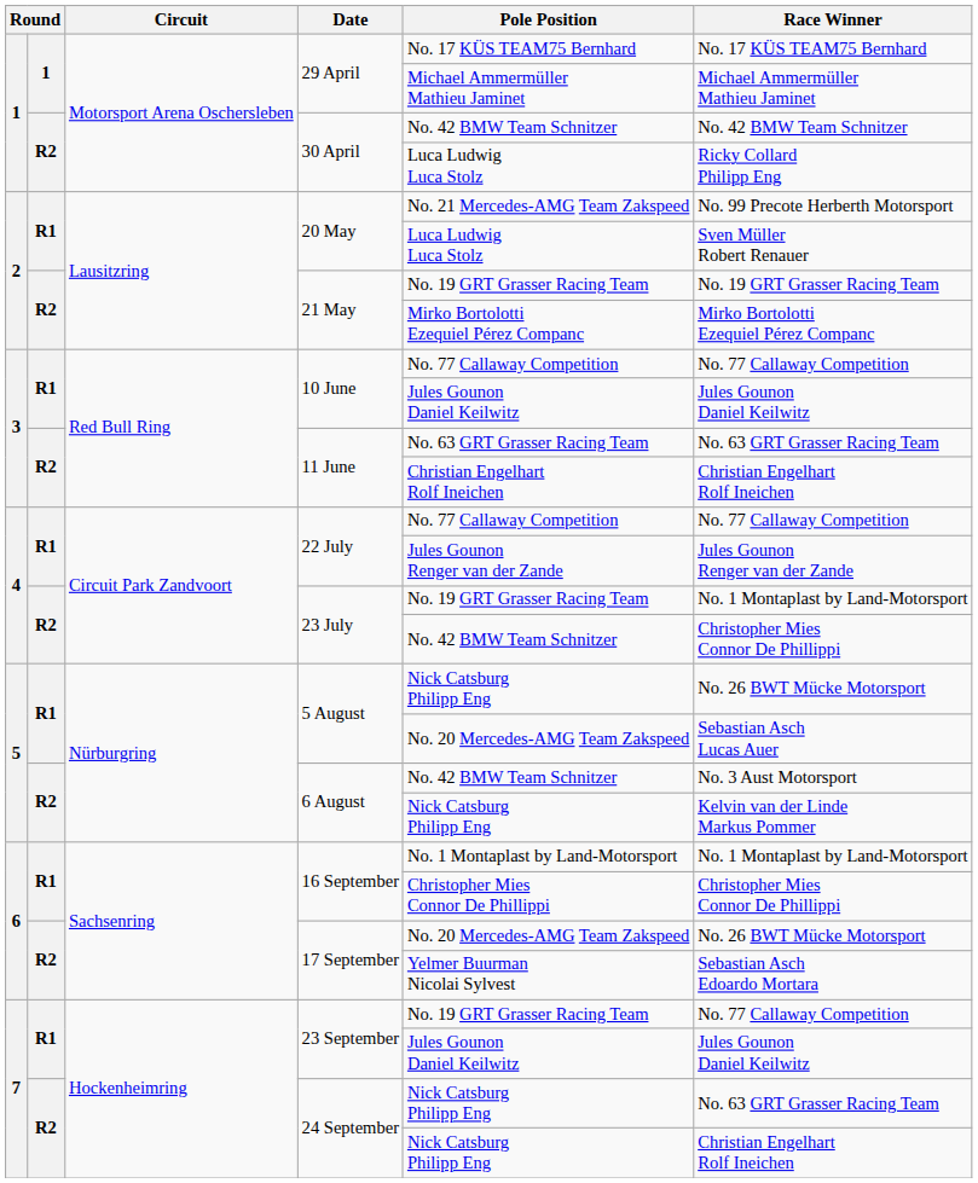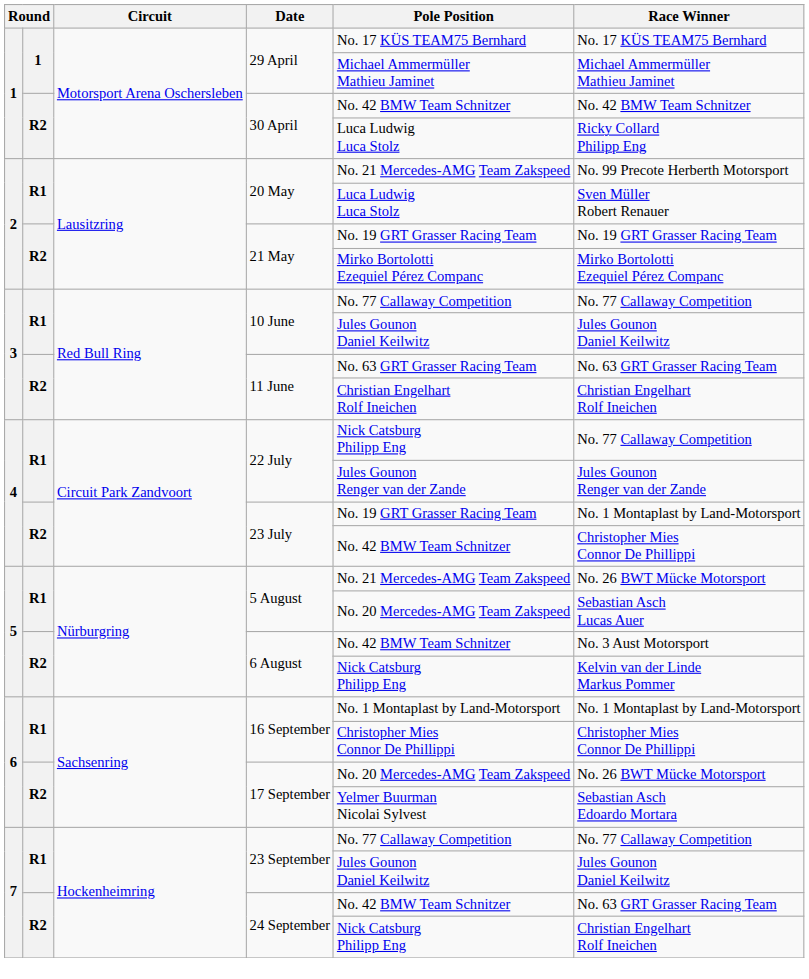 <table class="wikitable" style="font-size: 85%;">
 <tr>
 <th colspan=2>Round</th>
 <th>Circuit</th>
 <th>Date</th>
 <th>Pole Position</th>
 <th>Race Winner</th>
 </tr>
 <tr>
 <th rowspan=4>1</th>
 <th rowspan=2>1</th>
 <td rowspan=4> <a href='#'>Motorsport Arena Oschersleben</a></td>
 <td rowspan=2>29 April</td>
 <td> No. 17 <a href='#'>KÜS TEAM75 Bernhard</a></td>
 <td> No. 17 <a href='#'>KÜS TEAM75 Bernhard</a></td>
 </tr>
 <tr>
 <td> <a href='#'>Michael Ammermüller</a><br> <a href='#'>Mathieu Jaminet</a></td>
 <td> <a href='#'>Michael Ammermüller</a><br> <a href='#'>Mathieu Jaminet</a></td>
 </tr>
 <tr>
 <th rowspan=2>R2</th>
 <td rowspan=2>30 April</td>
 <td> No. 42 <a href='#'>BMW Team Schnitzer</a></td>
 <td> No. 42 <a href='#'>BMW Team Schnitzer</a></td>
 </tr>
 <tr>
 <td> Luca Ludwig<br> <a href='#'>Luca Stolz</a></td>
 <td> <a href='#'>Ricky Collard</a><br> <a href='#'>Philipp Eng</a></td>
 </tr>
 <tr>
 <th rowspan=4>2</th>
 <th rowspan=2>R1</th>
 <td rowspan=4> <a href='#'>Lausitzring</a></td>
 <td rowspan=2>20 May</td>
 <td> No. 21 <a href='#'>Mercedes-AMG</a> <a href='#'>Team Zakspeed</a></td>
 <td> No. 99 Precote Herberth Motorsport</td>
 </tr>
 <tr>
 <td> <a href='#'>Luca Ludwig</a><br> <a href='#'>Luca Stolz</a></td>
 <td> <a href='#'>Sven Müller</a><br> Robert Renauer</td>
 </tr>
 <tr>
 <th rowspan=2>R2</th>
 <td rowspan=2>21 May</td>
 <td> No. 19 <a href='#'>GRT Grasser Racing Team</a></td>
 <td> No. 19 <a href='#'>GRT Grasser Racing Team</a></td>
 </tr>
 <tr>
 <td> <a href='#'>Mirko Bortolotti</a><br> <a href='#'>Ezequiel Pérez Companc</a></td>
 <td> <a href='#'>Mirko Bortolotti</a><br> <a href='#'>Ezequiel Pérez Companc</a></td>
 </tr>
 <tr>
 <th rowspan=4>3</th>
 <th rowspan=2>R1</th>
 <td rowspan=4> <a href='#'>Red Bull Ring</a></td>
 <td rowspan=2>10 June</td>
 <td> No. 77 <a href='#'>Callaway Competition</a></td>
 <td> No. 77 <a href='#'>Callaway Competition</a></td>
 </tr>
 <tr>
 <td> <a href='#'>Jules Gounon</a><br> <a href='#'>Daniel Keilwitz</a></td>
 <td> <a href='#'>Jules Gounon</a><br> <a href='#'>Daniel Keilwitz</a></td>
 </tr>
 <tr>
 <th rowspan=2>R2</th>
 <td rowspan=2>11 June</td>
 <td> No. 63 <a href='#'>GRT Grasser Racing Team</a></td>
 <td> No. 63 <a href='#'>GRT Grasser Racing Team</a></td>
 </tr>
 <tr>
 <td> <a href='#'>Christian Engelhart</a><br> <a href='#'>Rolf Ineichen</a></td>
 <td> <a href='#'>Christian Engelhart</a><br> <a href='#'>Rolf Ineichen</a></td>
 </tr>
 <tr>
 <th rowspan=4>4</th>
 <th rowspan=2>R1</th>
 <td rowspan=4> <a href='#'>Circuit Park Zandvoort</a></td>
 <td rowspan=2>22 July</td>
-<td> No. 77 <a href='#'>Callaway Competition</a></td>
+<td> <a href='#'>Nick Catsburg</a><br> <a href='#'>Philipp Eng</a></td>
 <td> No. 77 <a href='#'>Callaway Competition</a></td>
 </tr>
 <tr>
 <td> <a href='#'>Jules Gounon</a><br> <a href='#'>Renger van der Zande</a></td>
 <td> <a href='#'>Jules Gounon</a><br> <a href='#'>Renger van der Zande</a></td>
 </tr>
 <tr>
 <th rowspan=2>R2</th>
 <td rowspan=2>23 July</td>
 <td> No. 19 <a href='#'>GRT Grasser Racing Team</a></td>
 <td> No. 1 Montaplast by Land-Motorsport</td>
 </tr>
 <tr>
 <td> No. 42 <a href='#'>BMW Team Schnitzer</a></td>
 <td> <a href='#'>Christopher Mies</a><br> <a href='#'>Connor De Phillippi</a></td>
 </tr>
 <tr>
 <th rowspan=4>5</th>
 <th rowspan=2>R1</th>
 <td rowspan=4> <a href='#'>Nürburgring</a></td>
 <td rowspan=2>5 August</td>
-<td> <a href='#'>Nick Catsburg</a><br> <a href='#'>Philipp Eng</a></td>
+<td> No. 21 <a href='#'>Mercedes-AMG</a> <a href='#'>Team Zakspeed</a></td>
 <td> No. 26 <a href='#'>BWT Mücke Motorsport</a></td>
 </tr>
 <tr>
 <td> No. 20 <a href='#'>Mercedes-AMG</a> <a href='#'>Team Zakspeed</a></td>
 <td> <a href='#'>Sebastian Asch</a><br> <a href='#'>Lucas Auer</a></td>
 </tr>
 <tr>
 <th rowspan=2>R2</th>
 <td rowspan=2>6 August</td>
 <td> No. 42 <a href='#'>BMW Team Schnitzer</a></td>
 <td> No. 3 Aust Motorsport</td>
 </tr>
 <tr>
 <td> <a href='#'>Nick Catsburg</a><br> <a href='#'>Philipp Eng</a></td>
 <td> <a href='#'>Kelvin van der Linde</a><br> <a href='#'>Markus Pommer</a></td>
 </tr>
 <tr>
 <th rowspan=4>6</th>
 <th rowspan=2>R1</th>
 <td rowspan=4> <a href='#'>Sachsenring</a></td>
 <td rowspan=2>16 September</td>
 <td> No. 1 Montaplast by Land-Motorsport</td>
 <td> No. 1 Montaplast by Land-Motorsport</td>
 </tr>
 <tr>
 <td> <a href='#'>Christopher Mies</a><br> <a href='#'>Connor De Phillippi</a></td>
 <td> <a href='#'>Christopher Mies</a><br> <a href='#'>Connor De Phillippi</a></td>
 </tr>
 <tr>
 <th rowspan=2>R2</th>
 <td rowspan=2>17 September</td>
 <td> No. 20 <a href='#'>Mercedes-AMG</a> <a href='#'>Team Zakspeed</a></td>
 <td> No. 26 <a href='#'>BWT Mücke Motorsport</a></td>
 </tr>
 <tr>
 <td> <a href='#'>Yelmer Buurman</a><br> Nicolai Sylvest</td>
 <td> <a href='#'>Sebastian Asch</a><br> <a href='#'>Edoardo Mortara</a></td>
 </tr>
 <tr>
 <th rowspan=4>7</th>
 <th rowspan=2>R1</th>
 <td rowspan=4> <a href='#'>Hockenheimring</a></td>
 <td rowspan=2>23 September</td>
-<td> No. 19 <a href='#'>GRT Grasser Racing Team</a></td>
+<td> No. 77 <a href='#'>Callaway Competition</a></td>
 <td> No. 77 <a href='#'>Callaway Competition</a></td>
 </tr>
 <tr>
 <td> <a href='#'>Jules Gounon</a><br> <a href='#'>Daniel Keilwitz</a></td>
 <td> <a href='#'>Jules Gounon</a><br> <a href='#'>Daniel Keilwitz</a></td>
 </tr>
 <tr>
 <th rowspan=2>R2</th>
 <td rowspan=2>24 September</td>
-<td> <a href='#'>Nick Catsburg</a><br> <a href='#'>Philipp Eng</a></td>
+<td> No. 42 <a href='#'>BMW Team Schnitzer</a></td>
 <td> No. 63 <a href='#'>GRT Grasser Racing Team</a></td>
 </tr>
 <tr>
 <td> <a href='#'>Nick Catsburg</a><br> <a href='#'>Philipp Eng</a></td>
 <td> <a href='#'>Christian Engelhart</a><br> <a href='#'>Rolf Ineichen</a></td>
 </tr>
 </table>
